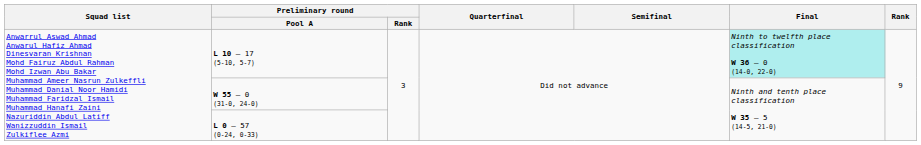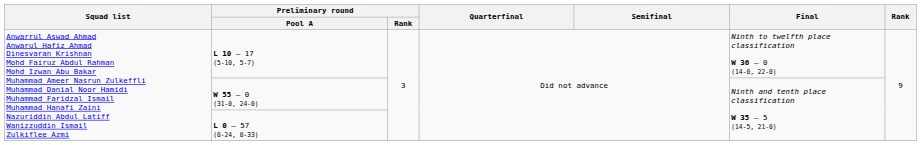 <table class="wikitable" width="90%" style="text-align:center; font-size:90%">
 <tr>
 <th rowspan="2" width="20%">Squad list</th>
 <th colspan="2" width="20%">Preliminary round</th>
 <th rowspan="2" width="15%">Quarterfinal</th>
 <th rowspan="2" width="15%">Semifinal</th>
 <th rowspan="2" width="15%">Final</th>
 <th rowspan="2" width="3%">Rank</th>
 </tr>
 <tr>
 <th width="17%">Pool A</th>
 <th width="3%">Rank</th>
 </tr>
 <tr>
 <td rowspan="3" align="left"><a href='#'>Anwarrul Aswad Ahmad</a><br><a href='#'>Anwarul Hafiz Ahmad</a><br><a href='#'>Dinesvaran Krishnan</a><br><a href='#'>Mohd Fairuz Abdul Rahman</a><br><a href='#'>Mohd Izwan Abu Bakar</a><br><a href='#'>Muhammad Ameer Nasrun Zulkeffli</a><br><a href='#'>Muhammad Danial Noor Hamidi</a><br><a href='#'>Muhammad Faridzal Ismail</a><br><a href='#'>Muhammad Hanafi Zaini</a><br><a href='#'>Nazuriddin Abdul Latiff</a><br><a href='#'>Wanizzuddin Ismail</a><br><a href='#'>Zulkiflee Azmi</a></td>
 <td align="left"><br><strong>L 10</strong> – 17<br><small>(5-10, 5-7)</small></td>
 <td rowspan=3>3</td>
 <td rowspan=3 colspan=2>Did not advance</td>
-<td align="left" style="background: paleturquoise;"><em>Ninth to twelfth place classification</em><br><br><strong>W 36</strong> – 0<br><small>(14-0, 22-0)</small></td>
+<td align="left"><em>Ninth to twelfth place classification</em><br><br><strong>W 36</strong> – 0<br><small>(14-0, 22-0)</small></td>
 <td rowspan=3>9</td>
 </tr>
 <tr>
 <td align="left"><br><strong>W 55</strong> – 0<br><small>(31-0, 24-0)</small></td>
 <td rowspan=2 align="left"><em>Ninth and tenth place classification</em><br><br><strong>W 35</strong> – 5<br><small>(14-5, 21-0)</small></td>
 </tr>
 <tr>
 <td align="left"><br><strong>L 0</strong> – 57<br><small>(0-24, 0-33)</small></td>
 </tr>
 </table>
